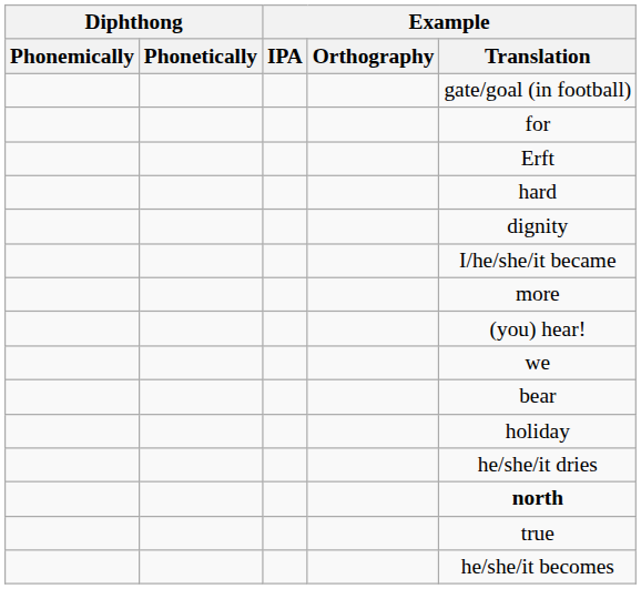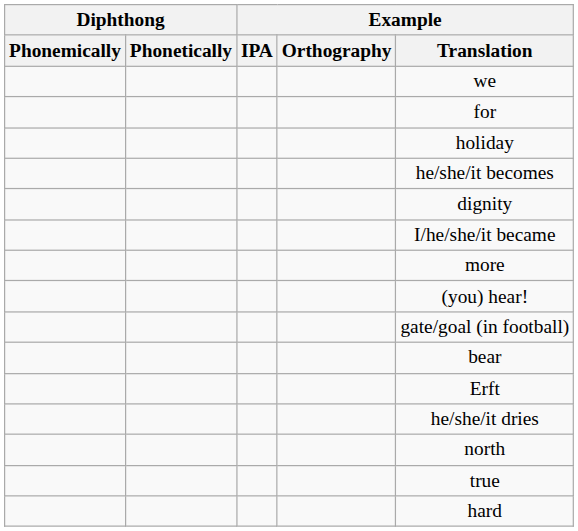 <table class="wikitable" style="text-align: center;">
 <tr>
 <th colspan="2">Diphthong</th>
 <th colspan="3">Example</th>
 </tr>
 <tr>
 <th>Phonemically</th>
 <th>Phonetically</th>
 <th>IPA</th>
 <th>Orthography</th>
 <th>Translation</th>
 </tr>
 <tr>
 <td></td>
 <td></td>
 <td></td>
 <td></td>
-<td>gate/goal (in football)</td>
+<td>we</td>
 </tr>
 <tr>
 <td></td>
 <td></td>
 <td></td>
 <td></td>
 <td>for</td>
 </tr>
 <tr>
 <td></td>
 <td></td>
 <td></td>
 <td></td>
-<td>Erft</td>
+<td>holiday</td>
 </tr>
 <tr>
 <td></td>
 <td></td>
 <td></td>
 <td></td>
-<td>hard</td>
+<td>he/she/it becomes</td>
 </tr>
 <tr>
 <td></td>
 <td></td>
 <td></td>
 <td></td>
 <td>dignity</td>
 </tr>
 <tr>
 <td></td>
 <td></td>
 <td></td>
 <td></td>
 <td>I/he/she/it became</td>
 </tr>
 <tr>
 <td></td>
 <td></td>
 <td></td>
 <td></td>
 <td>more</td>
 </tr>
 <tr>
 <td></td>
 <td></td>
 <td></td>
 <td></td>
 <td>(you) hear!</td>
 </tr>
 <tr>
 <td></td>
 <td></td>
 <td></td>
 <td></td>
-<td>we</td>
+<td>gate/goal (in football)</td>
 </tr>
 <tr>
 <td></td>
 <td></td>
 <td></td>
 <td></td>
 <td>bear</td>
 </tr>
 <tr>
 <td></td>
 <td></td>
 <td></td>
 <td></td>
-<td>holiday</td>
+<td>Erft</td>
 </tr>
 <tr>
 <td></td>
 <td></td>
 <td></td>
 <td></td>
 <td>he/she/it dries</td>
 </tr>
 <tr>
 <td></td>
 <td></td>
 <td></td>
 <td></td>
-<td><strong>north</strong></td>
+<td>north</td>
 </tr>
 <tr>
 <td></td>
 <td></td>
 <td></td>
 <td></td>
 <td>true</td>
 </tr>
 <tr>
 <td></td>
 <td></td>
 <td></td>
 <td></td>
-<td>he/she/it becomes</td>
+<td>hard</td>
 </tr>
 </table>
